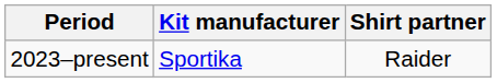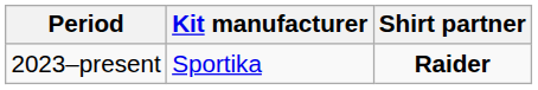 <table class="wikitable" style="text-align: center">
 <tr>
 <th>Period</th>
 <th><a href='#'>Kit</a> manufacturer</th>
 <th>Shirt partner</th>
 </tr>
 <tr>
 <td>2023–present</td>
 <td align="Left" rowspan=2> <a href='#'>Sportika</a></td>
-<td>Raider</td>
+<td><strong>Raider</strong></td>
 </tr>
 </table>
